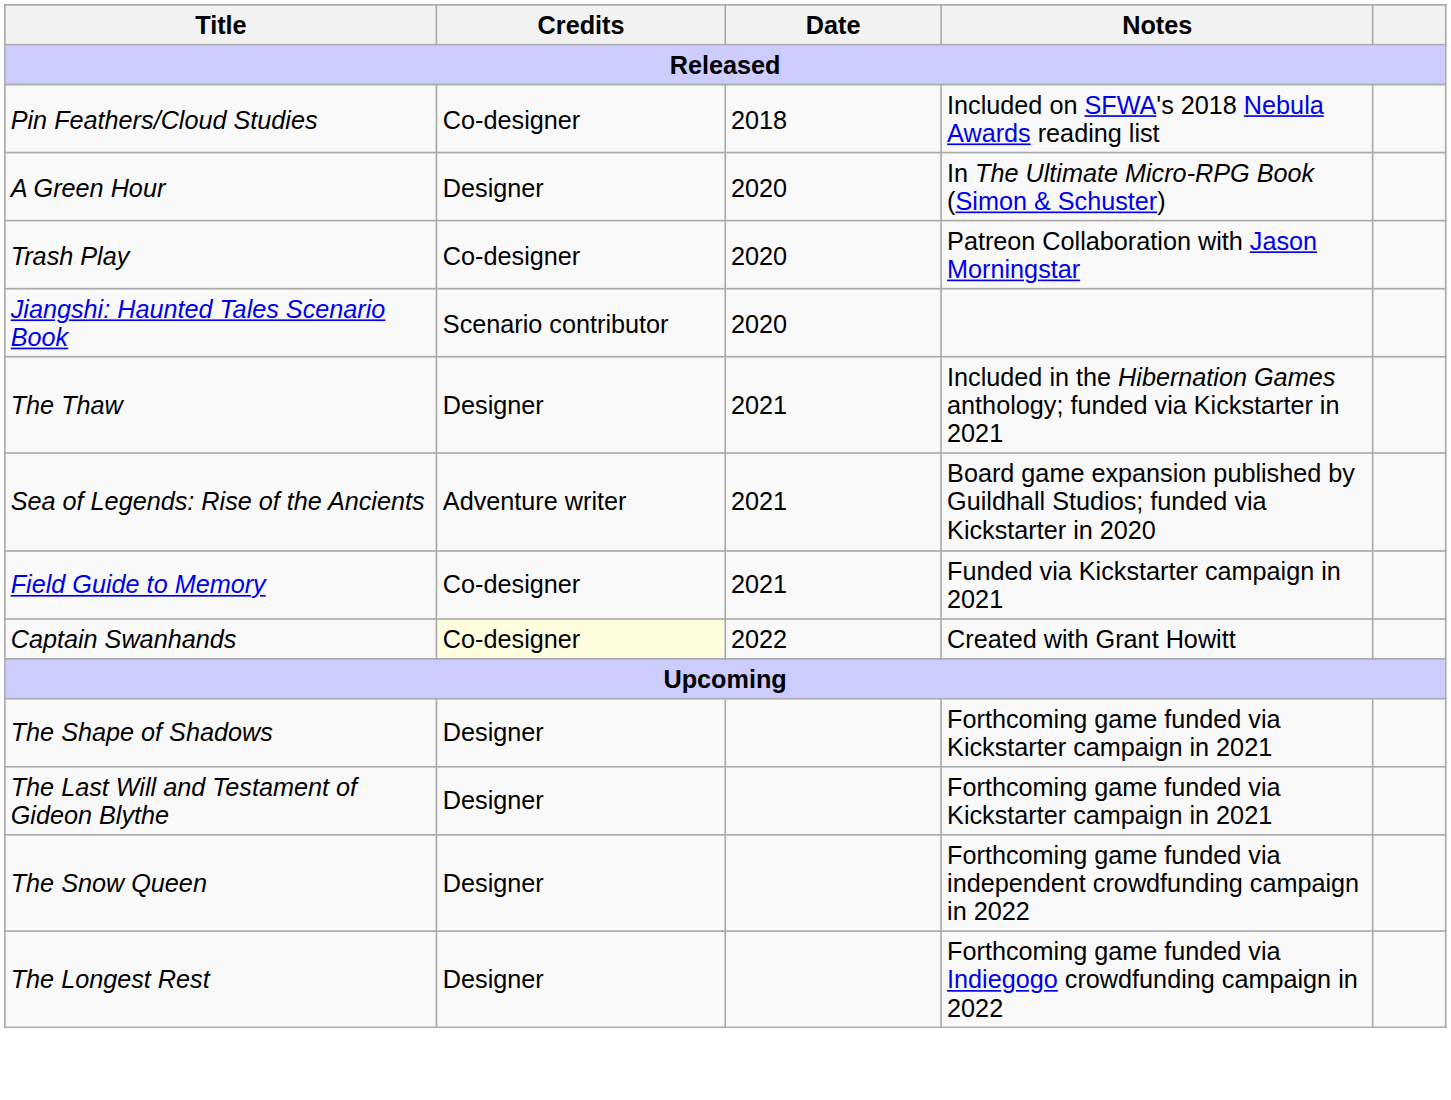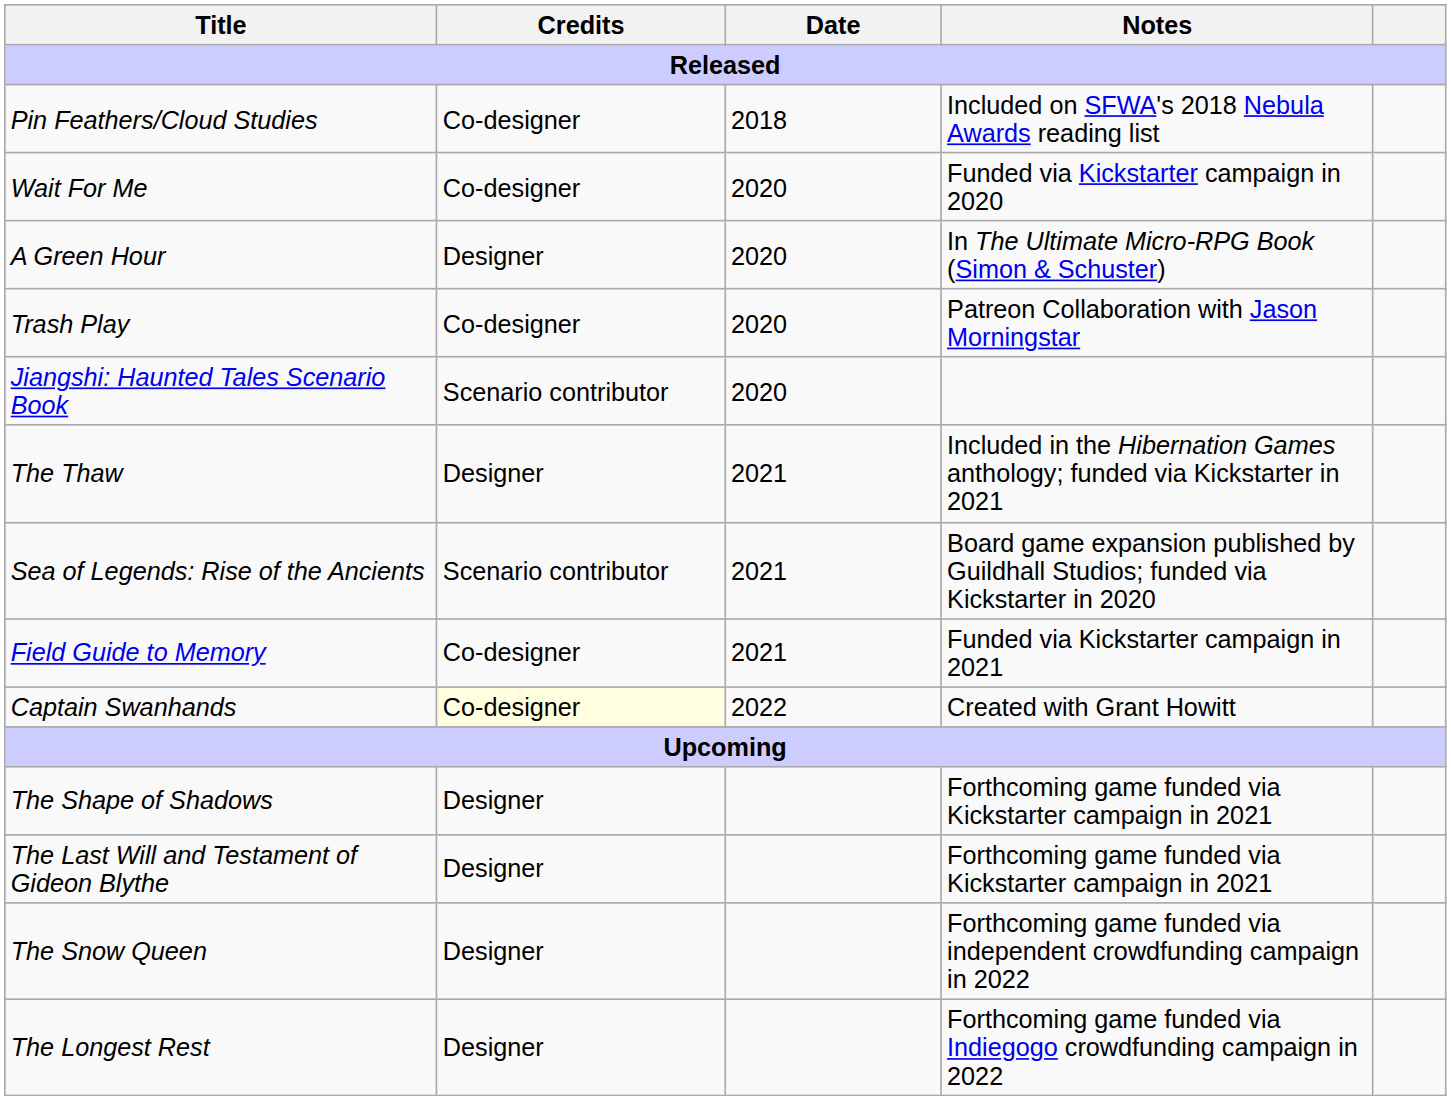 <table class="wikitable sortable" style="margins:auto; width=95%; font-size: 95%;">
 <tr>
 <th width="30%">Title</th>
 <th width="20%">Credits</th>
 <th width="15%">Date</th>
 <th width="30%">Notes</th>
 <th width="5%"></th>
 </tr>
 <tr>
 <th colspan="5" style="background-color:#ccccff;">Released</th>
 </tr>
 <tr>
 <td><em>Pin Feathers/Cloud Studies</em></td>
 <td>Co-designer</td>
 <td>2018</td>
 <td>Included on <a href='#'>SFWA</a>'s 2018 <a href='#'>Nebula Awards</a> reading list</td>
+<td></td>
+</tr>
+<tr>
+<td><em>Wait For Me</em></td>
+<td>Co-designer</td>
+<td>2020</td>
+<td>Funded via <a href='#'>Kickstarter</a> campaign in 2020</td>
 <td></td>
 </tr>
 <tr>
 <td><em>A Green Hour</em></td>
 <td>Designer</td>
 <td>2020</td>
 <td>In <em>The Ultimate Micro-RPG Book</em> (<a href='#'>Simon & Schuster</a>)</td>
 </tr>
 <tr>
 <td><em>Trash Play</em></td>
 <td>Co-designer</td>
 <td>2020</td>
 <td>Patreon Collaboration with <a href='#'>Jason Morningstar</a></td>
 <td> </td>
 </tr>
 <tr>
 <td><em><a href='#'>Jiangshi: Haunted Tales Scenario Book</a></em></td>
 <td>Scenario contributor</td>
 <td>2020</td>
 <td></td>
 <td></td>
 </tr>
 <tr>
 <td><em>The Thaw</em></td>
 <td>Designer</td>
 <td>2021</td>
 <td>Included in the <em>Hibernation Games</em> anthology; funded via Kickstarter in 2021</td>
 <td></td>
 </tr>
 <tr>
 <td><em>Sea of Legends: Rise of the Ancients</em></td>
-<td>Adventure writer</td>
+<td>Scenario contributor</td>
 <td>2021</td>
 <td>Board game expansion published by Guildhall Studios; funded via Kickstarter in 2020</td>
 <td></td>
 </tr>
 <tr>
 <td><em><a href='#'>Field Guide to Memory</a></em></td>
 <td>Co-designer</td>
 <td>2021</td>
 <td>Funded via Kickstarter campaign in 2021</td>
 <td></td>
 </tr>
 <tr>
 <td><em>Captain Swanhands</em></td>
 <td style="background: lightyellow;">Co-designer</td>
 <td>2022</td>
 <td>Created with Grant Howitt</td>
 <td></td>
 </tr>
 <tr>
 <th colspan="5" style="background-color:#ccccff;">Upcoming</th>
 </tr>
 <tr>
 <td><em>The Shape of Shadows</em></td>
 <td>Designer</td>
 <td></td>
 <td>Forthcoming game funded via Kickstarter campaign in 2021</td>
 <td></td>
 </tr>
 <tr>
 <td><em>The Last Will and Testament of Gideon Blythe</em></td>
 <td>Designer</td>
 <td></td>
 <td>Forthcoming game funded via Kickstarter campaign in 2021</td>
 <td></td>
 </tr>
 <tr>
 <td><em>The Snow Queen</em></td>
 <td>Designer</td>
 <td></td>
 <td>Forthcoming game funded via independent crowdfunding campaign in 2022</td>
 <td></td>
 </tr>
 <tr>
 <td><em>The Longest Rest</em></td>
 <td>Designer</td>
 <td></td>
 <td>Forthcoming game funded via <a href='#'>Indiegogo</a> crowdfunding campaign in 2022</td>
 <td></td>
 </tr>
 </table>
